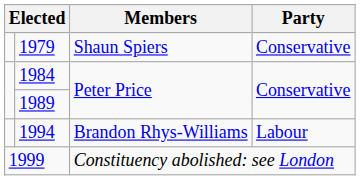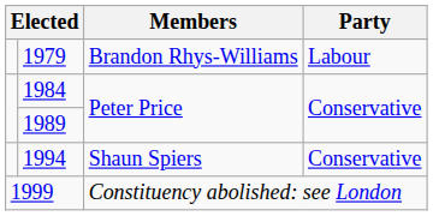 <table class="wikitable">
 <tr>
 <th colspan = "2">Elected</th>
 <th>Members</th>
 <th>Party</th>
 </tr>
 <tr>
 <td style="background-color: "></td>
 <td><a href='#'>1979</a></td>
-<td><a href='#'>Shaun Spiers</a></td>
-<td><a href='#'>Conservative</a></td>
+<td><a href='#'>Brandon Rhys-Williams</a></td>
+<td><a href='#'>Labour</a></td>
 </tr>
 <tr>
 <td rowspan="2" style="background-color: "></td>
 <td><a href='#'>1984</a></td>
 <td rowspan = "2"><a href='#'>Peter Price</a></td>
 <td rowspan = "2"><a href='#'>Conservative</a></td>
 </tr>
 <tr>
 <td><a href='#'>1989</a></td>
 </tr>
 <tr>
 <td style="background-color: "></td>
 <td><a href='#'>1994</a></td>
-<td><a href='#'>Brandon Rhys-Williams</a></td>
-<td><a href='#'>Labour</a></td>
+<td><a href='#'>Shaun Spiers</a></td>
+<td><a href='#'>Conservative</a></td>
 </tr>
 <tr>
 <td colspan="2"><a href='#'>1999</a></td>
 <td colspan="2"><em>Constituency abolished: see <a href='#'>London</a></em></td>
 </tr>
 </table>
